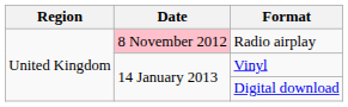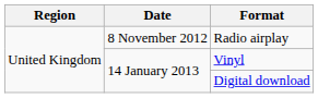 <table class=wikitable>
 <tr>
 <th scope="col">Region</th>
 <th scope="col">Date</th>
 <th scope="col">Format</th>
 </tr>
 <tr>
 <td rowspan="3">United Kingdom</td>
-<td style="background: pink;">8 November 2012</td>
+<td>8 November 2012</td>
 <td>Radio airplay</td>
 </tr>
 <tr>
 <td rowspan="2">14 January 2013</td>
 <td><a href='#'>Vinyl</a></td>
 </tr>
 <tr>
 <td><a href='#'>Digital download</a></td>
 </tr>
 </table>
